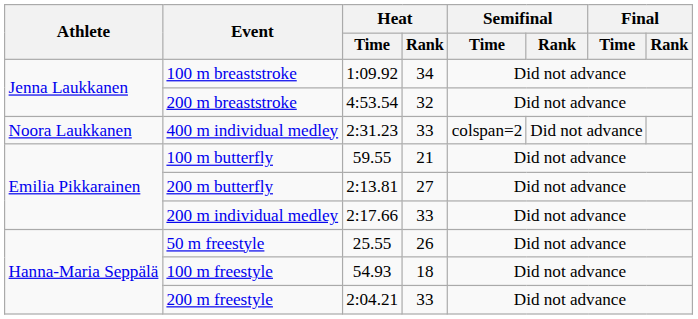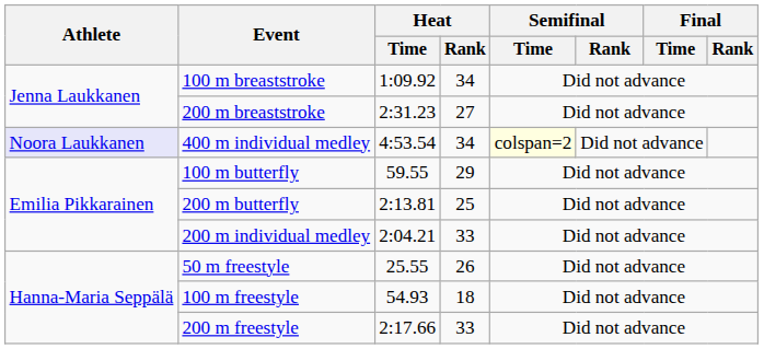 <table class=wikitable style="font-size:90%">
 <tr>
 <th rowspan=2>Athlete</th>
 <th rowspan=2>Event</th>
 <th colspan="2">Heat</th>
 <th colspan="2">Semifinal</th>
 <th colspan="2">Final</th>
 </tr>
 <tr style="font-size:95%">
 <th>Time</th>
 <th>Rank</th>
 <th>Time</th>
 <th>Rank</th>
 <th>Time</th>
 <th>Rank</th>
 </tr>
 <tr align=center>
 <td align=left rowspan=2><a href='#'>Jenna Laukkanen</a></td>
 <td align=left><a href='#'>100 m breaststroke</a></td>
 <td>1:09.92</td>
 <td>34</td>
 <td colspan=4>Did not advance</td>
 </tr>
 <tr align=center>
 <td align=left><a href='#'>200 m breaststroke</a></td>
-<td>4:53.54</td>
-<td>32</td>
+<td>2:31.23</td>
+<td>27</td>
 <td colspan=4>Did not advance</td>
 </tr>
 <tr align=center>
-<td align=left><a href='#'>Noora Laukkanen</a></td>
+<td align=left style="background: lavender;"><a href='#'>Noora Laukkanen</a></td>
 <td align=left><a href='#'>400 m individual medley</a></td>
-<td>2:31.23</td>
-<td>33</td>
-<td>colspan=2 </td>
+<td>4:53.54</td>
+<td>34</td>
+<td style="background: lightyellow;">colspan=2 </td>
 <td colspan=2>Did not advance</td>
 </tr>
 <tr align=center>
 <td align=left rowspan=3><a href='#'>Emilia Pikkarainen</a></td>
 <td align=left><a href='#'>100 m butterfly</a></td>
 <td>59.55</td>
-<td>21</td>
+<td>29</td>
 <td colspan=4>Did not advance</td>
 </tr>
 <tr align=center>
 <td align=left><a href='#'>200 m butterfly</a></td>
 <td>2:13.81</td>
-<td>27</td>
+<td>25</td>
 <td colspan=4>Did not advance</td>
 </tr>
 <tr align=center>
 <td align=left><a href='#'>200 m individual medley</a></td>
-<td>2:17.66</td>
+<td>2:04.21</td>
 <td>33</td>
 <td colspan=4>Did not advance</td>
 </tr>
 <tr align=center>
 <td align=left rowspan=3><a href='#'>Hanna-Maria Seppälä</a></td>
 <td align=left><a href='#'>50 m freestyle</a></td>
 <td>25.55</td>
 <td>26</td>
 <td colspan=4>Did not advance</td>
 </tr>
 <tr align=center>
 <td align=left><a href='#'>100 m freestyle</a></td>
 <td>54.93</td>
 <td>18</td>
 <td colspan=4>Did not advance</td>
 </tr>
 <tr align=center>
 <td align=left><a href='#'>200 m freestyle</a></td>
-<td>2:04.21</td>
+<td>2:17.66</td>
 <td>33</td>
 <td colspan=4>Did not advance</td>
 </tr>
 </table>
